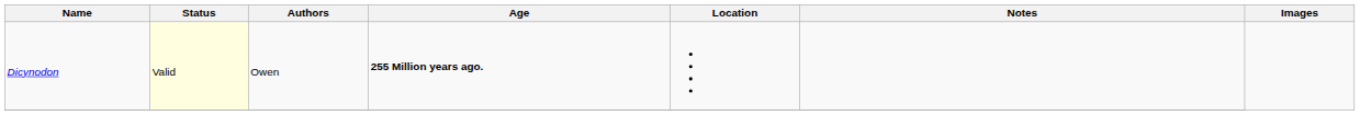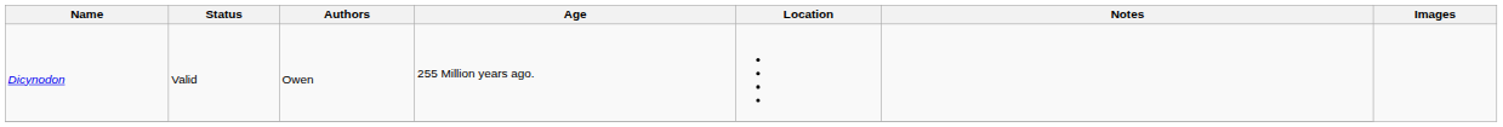 <table class="wikitable sortable" align="center" width="100%">
 <tr>
 <th>Name</th>
 <th>Status</th>
 <th>Authors</th>
 <th>Age</th>
 <th>Location</th>
 <th width="33%" class="unsortable">Notes</th>
 <th class="unsortable">Images</th>
 </tr>
 <tr>
 <td><br><em><a href='#'>Dicynodon</a></em></td>
-<td style="background: lightyellow;"><br>Valid</td>
+<td><br>Valid</td>
 <td><br>Owen </td>
-<td><strong>255 Million years ago.</strong></td>
+<td>255 Million years ago.</td>
 <td><br><ul><li></li><li></li><li></li><li></li></ul></td>
 <td><br></td>
 <td rowspan="99"></td>
 </tr>
 <tr>
 </tr>
 </table>
